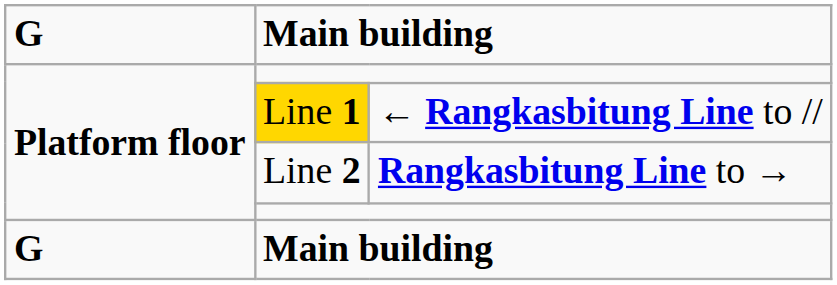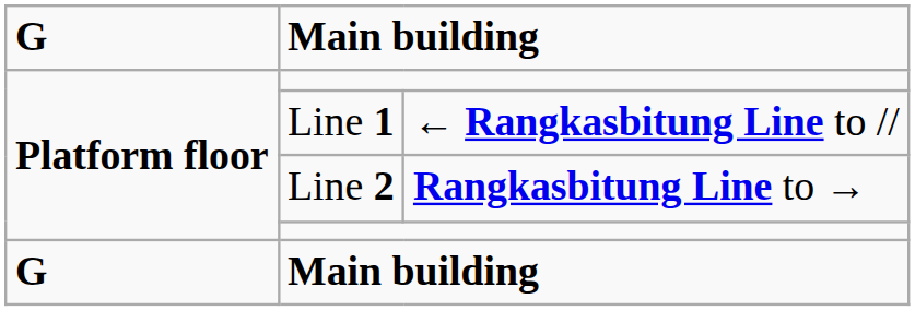 <table class="wikitable">
 <tr>
 <td><strong>G</strong></td>
 <td colspan="2"><strong>Main building</strong></td>
 </tr>
 <tr>
 <td rowspan="4"><strong>Platform floor</strong></td>
 <td colspan="2"></td>
 </tr>
 <tr>
-<td style="background: gold;">Line <strong>1</strong></td>
+<td>Line <strong>1</strong></td>
 <td>←   <strong><a href='#'>Rangkasbitung Line</a></strong> to //</td>
 </tr>
 <tr>
 <td>Line <strong>2</strong></td>
 <td> <strong><a href='#'>Rangkasbitung Line</a></strong> to   →</td>
 </tr>
 <tr>
 <td colspan="2"></td>
 </tr>
 <tr>
 <td><strong>G</strong></td>
 <td colspan="2"><strong>Main building</strong></td>
 </tr>
 </table>
